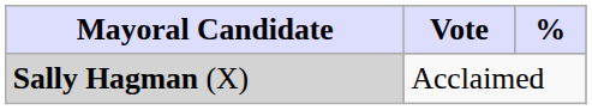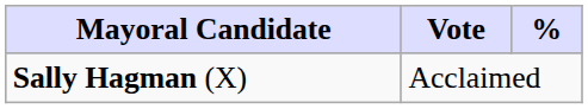 <table class="wikitable">
 <tr>
 <th style="background:#ddf; width:200px;">Mayoral Candidate</th>
 <th style="background:#ddf; width:50px;">Vote</th>
 <th style="background:#ddf; width:30px;">%</th>
 </tr>
 <tr>
-<td style="background: lightgrey;"><strong>Sally Hagman</strong> (X)</td>
+<td><strong>Sally Hagman</strong> (X)</td>
 <td colspan="2">Acclaimed</td>
 </tr>
 </table>
